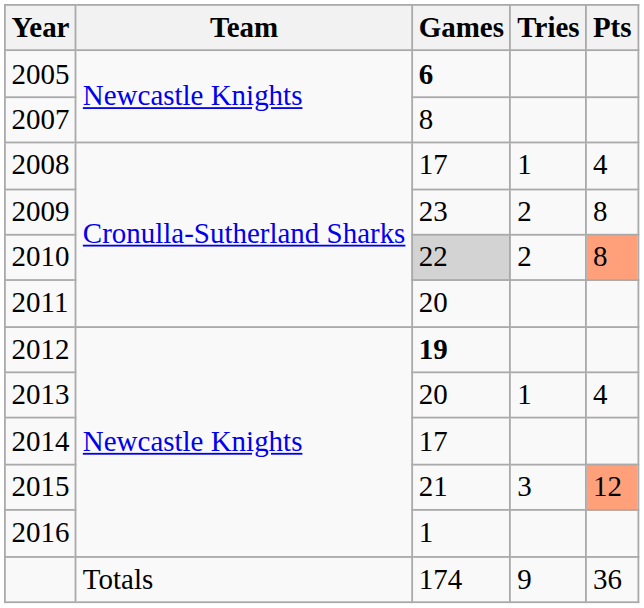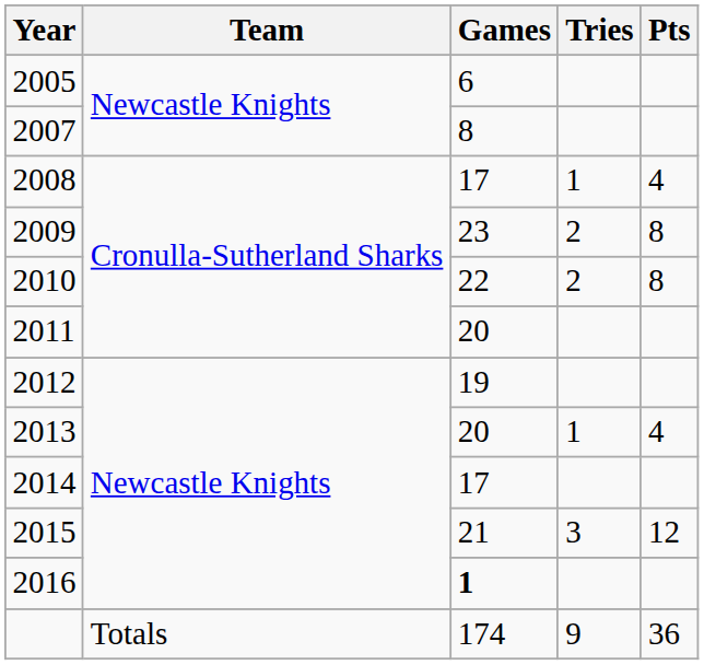 <table class="wikitable">
 <tr>
 <th>Year</th>
 <th>Team</th>
 <th>Games</th>
 <th>Tries</th>
 <th>Pts</th>
 </tr>
 <tr>
 <td>2005</td>
 <td rowspan="2"> <a href='#'>Newcastle Knights</a></td>
-<td><strong>6</strong></td>
+<td>6</td>
 <td></td>
 <td></td>
 </tr>
 <tr>
 <td>2007</td>
 <td>8</td>
 <td></td>
 <td></td>
 </tr>
 <tr>
 <td>2008</td>
 <td rowspan="4"> <a href='#'>Cronulla-Sutherland Sharks</a></td>
 <td>17</td>
 <td>1</td>
 <td>4</td>
 </tr>
 <tr>
 <td>2009</td>
 <td>23</td>
 <td>2</td>
 <td>8</td>
 </tr>
 <tr>
 <td>2010</td>
-<td style="background: lightgrey;">22</td>
+<td>22</td>
 <td>2</td>
-<td style="background: lightsalmon;">8</td>
+<td>8</td>
 </tr>
 <tr>
 <td>2011</td>
 <td>20</td>
 <td></td>
 <td></td>
 </tr>
 <tr>
 <td>2012</td>
 <td rowspan="5"> <a href='#'>Newcastle Knights</a></td>
-<td><strong>19</strong></td>
+<td>19</td>
 <td></td>
 <td></td>
 </tr>
 <tr>
 <td>2013</td>
 <td>20</td>
 <td>1</td>
 <td>4</td>
 </tr>
 <tr>
 <td>2014</td>
 <td>17</td>
 <td></td>
 <td></td>
 </tr>
 <tr>
 <td>2015</td>
 <td>21</td>
 <td>3</td>
-<td style="background: lightsalmon;">12</td>
+<td>12</td>
 </tr>
 <tr>
 <td>2016</td>
-<td>1</td>
+<td><strong>1</strong></td>
 <td></td>
 <td></td>
 </tr>
 <tr>
 <td></td>
 <td>Totals</td>
 <td>174</td>
 <td>9</td>
 <td>36</td>
 </tr>
 </table>
